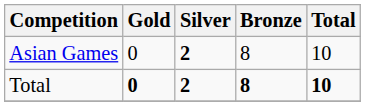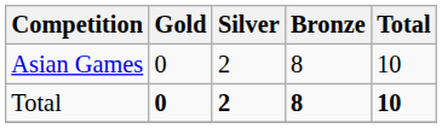 <table class="wikitable sortable">
 <tr>
 <th>Competition</th>
 <th>Gold</th>
 <th>Silver</th>
 <th>Bronze</th>
 <th>Total</th>
 </tr>
 <tr>
 <td><a href='#'>Asian Games</a></td>
 <td>0</td>
-<td><strong>2</strong></td>
+<td>2</td>
 <td>8</td>
 <td>10</td>
 </tr>
 <tr>
 <td>Total</td>
 <td><strong>0</strong></td>
 <td><strong>2</strong></td>
 <td><strong>8</strong></td>
 <td><strong>10</strong></td>
 </tr>
 <tr>
 </tr>
 </table>
